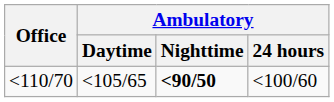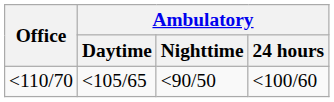 <table class="wikitable">
 <tr>
 <th rowspan=2>Office</th>
 <th colspan=3><a href='#'>Ambulatory</a></th>
 </tr>
 <tr>
 <th>Daytime</th>
 <th>Nighttime</th>
 <th>24 hours</th>
 </tr>
 <tr>
 <td><110/70</td>
 <td><105/65</td>
-<td><strong><90/50</strong></td>
+<td><90/50</td>
 <td><100/60</td>
 </tr>
 </table>
